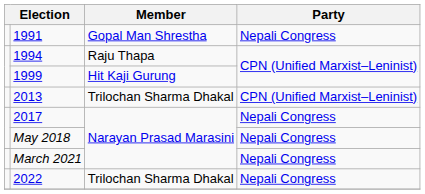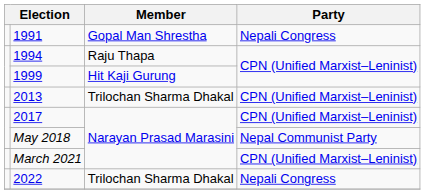 <table class="wikitable">
 <tr>
 <th colspan="2">Election</th>
 <th>Member</th>
 <th>Party</th>
 </tr>
 <tr>
 <td style="background-color:"></td>
 <td><a href='#'>1991</a></td>
 <td><a href='#'>Gopal Man Shrestha</a></td>
 <td><a href='#'>Nepali Congress</a></td>
 </tr>
 <tr>
 <td rowspan="2" style="background-color:"></td>
 <td><a href='#'>1994</a></td>
 <td>Raju Thapa</td>
 <td rowspan="2"><a href='#'>CPN (Unified Marxist–Leninist)</a></td>
 </tr>
 <tr>
 <td><a href='#'>1999</a></td>
 <td><a href='#'>Hit Kaji Gurung</a></td>
 </tr>
 <tr>
 <td style="background-color:"></td>
 <td><a href='#'>2013</a></td>
 <td>Trilochan Sharma Dhakal</td>
 <td><a href='#'>CPN (Unified Marxist–Leninist)</a></td>
 </tr>
 <tr>
 <td rowspan="2" style="background-color:"></td>
 <td><a href='#'>2017</a></td>
 <td rowspan="3"><a href='#'>Narayan Prasad Marasini</a></td>
-<td><a href='#'>Nepali Congress</a></td>
+<td><a href='#'>CPN (Unified Marxist–Leninist)</a></td>
 </tr>
 <tr>
 <td><em>May 2018</em></td>
-<td><a href='#'>Nepali Congress</a></td>
+<td><a href='#'>Nepal Communist Party</a></td>
 </tr>
 <tr>
 <td></td>
 <td><em>March 2021</em></td>
-<td><a href='#'>Nepali Congress</a></td>
+<td><a href='#'>CPN (Unified Marxist–Leninist)</a></td>
 </tr>
 <tr>
 <td style="background-color:"></td>
 <td><a href='#'>2022</a></td>
 <td>Trilochan Sharma Dhakal</td>
 <td><a href='#'>Nepali Congress</a></td>
 </tr>
 <tr>
 </tr>
 </table>
